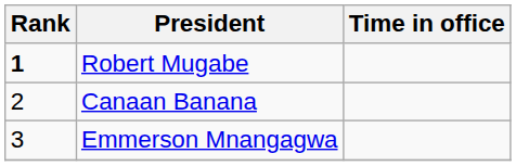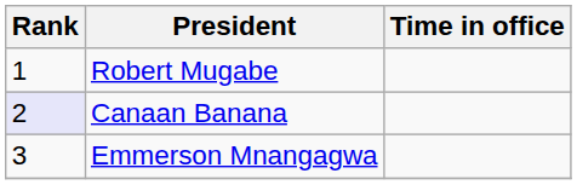 <table class="wikitable sortable">
 <tr>
 <th>Rank</th>
 <th>President</th>
 <th>Time in office</th>
 </tr>
 <tr>
-<td><strong>1</strong></td>
+<td>1</td>
 <td><a href='#'>Robert Mugabe</a></td>
 <td></td>
 </tr>
 <tr>
-<td>2</td>
+<td style="background: lavender;">2</td>
 <td><a href='#'>Canaan Banana</a></td>
 <td></td>
 </tr>
 <tr>
 <td>3</td>
 <td><a href='#'>Emmerson Mnangagwa</a></td>
 <td></td>
 </tr>
 <tr>
 </tr>
 </table>
